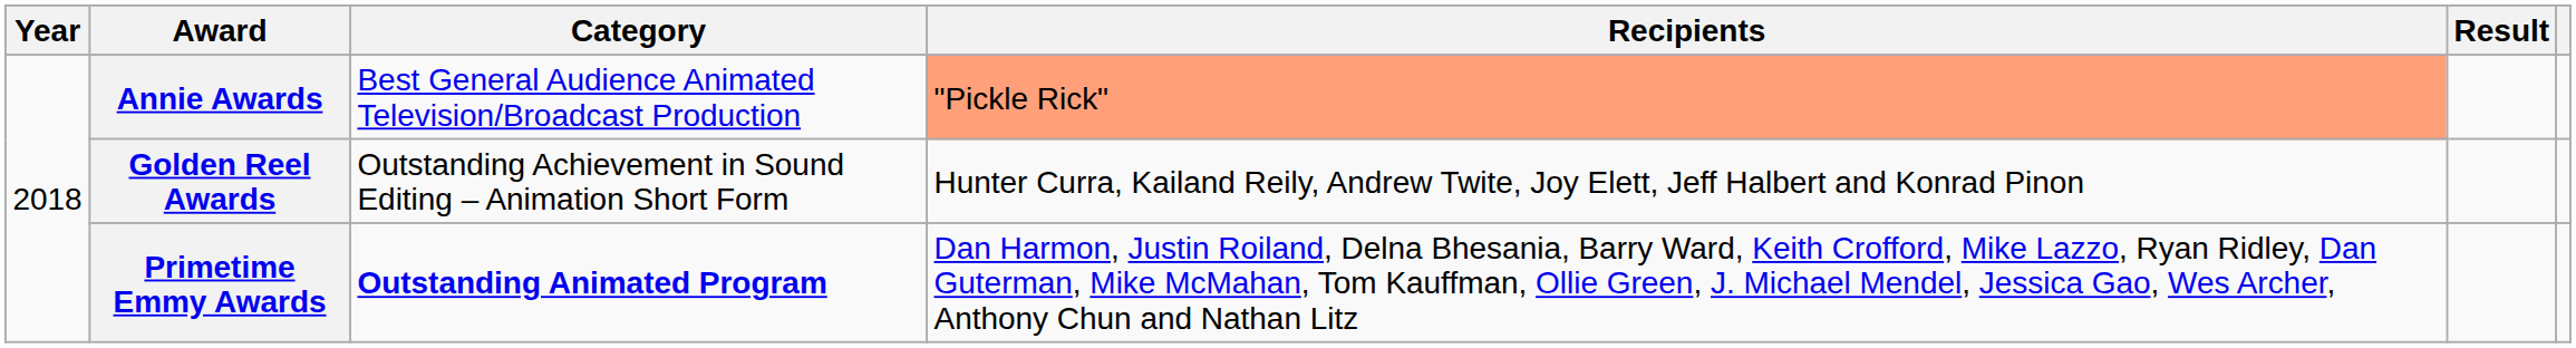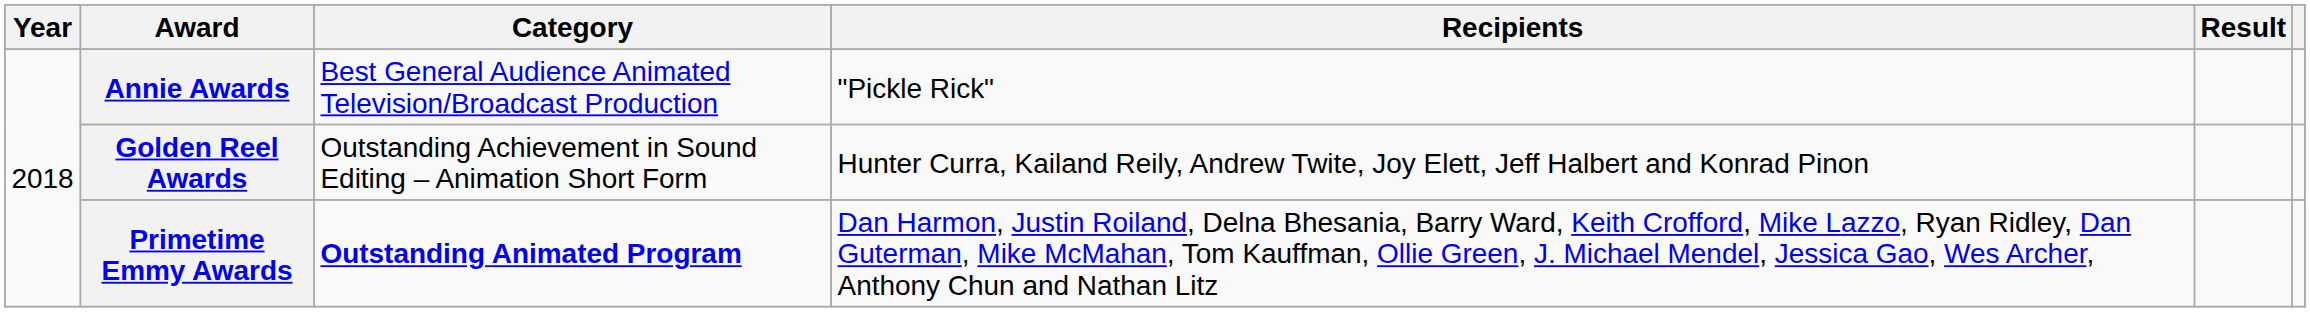 <table class="wikitable sortable" style="font-size:95%; width:99%;">
 <tr style="text-align:center;">
 <th scope="col">Year</th>
 <th scope="col">Award</th>
 <th scope="col">Category</th>
 <th scope="col">Recipients</th>
 <th scope="col">Result</th>
 <th scope="col" class="unsortable"></th>
 </tr>
 <tr>
 <td rowspan="3" style="text-align: center;">2018</td>
 <th scope="row"><a href='#'>Annie Awards</a></th>
 <td><a href='#'>Best General Audience Animated Television/Broadcast Production</a></td>
-<td style="background: lightsalmon;">"Pickle Rick"</td>
+<td>"Pickle Rick"</td>
 <td></td>
 <td align="center"></td>
 </tr>
 <tr>
 <th scope="row"><a href='#'>Golden Reel Awards</a></th>
 <td>Outstanding Achievement in Sound Editing – Animation Short Form</td>
 <td>Hunter Curra, Kailand Reily, Andrew Twite, Joy Elett, Jeff Halbert and Konrad Pinon</td>
 <td></td>
 <td align="center"></td>
 </tr>
 <tr>
 <th scope="row"><a href='#'>Primetime Emmy Awards</a></th>
 <td><strong><a href='#'>Outstanding Animated Program</a></strong></td>
 <td><a href='#'>Dan Harmon</a>, <a href='#'>Justin Roiland</a>, Delna Bhesania, Barry Ward, <a href='#'>Keith Crofford</a>, <a href='#'>Mike Lazzo</a>, Ryan Ridley, <a href='#'>Dan Guterman</a>, <a href='#'>Mike McMahan</a>, Tom Kauffman, <a href='#'>Ollie Green</a>, <a href='#'>J. Michael Mendel</a>, <a href='#'>Jessica Gao</a>, <a href='#'>Wes Archer</a>, Anthony Chun and Nathan Litz</td>
 <td></td>
 <td align="center"></td>
 </tr>
 </table>
